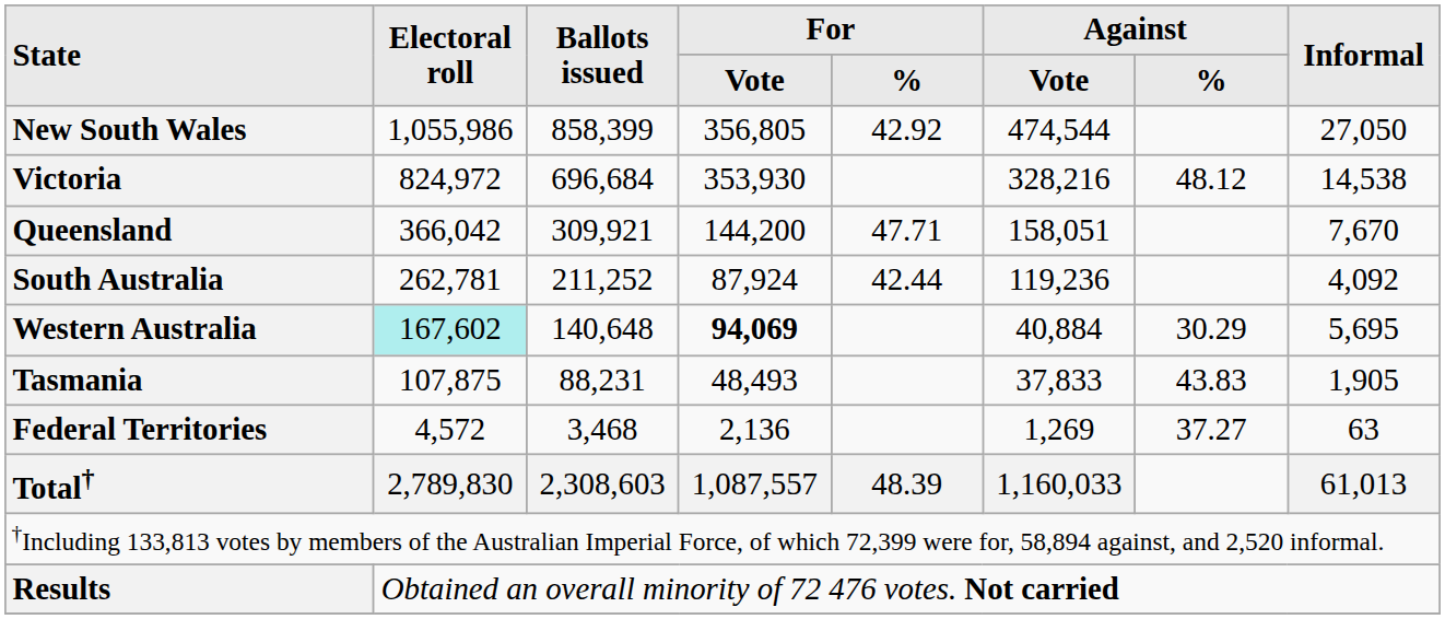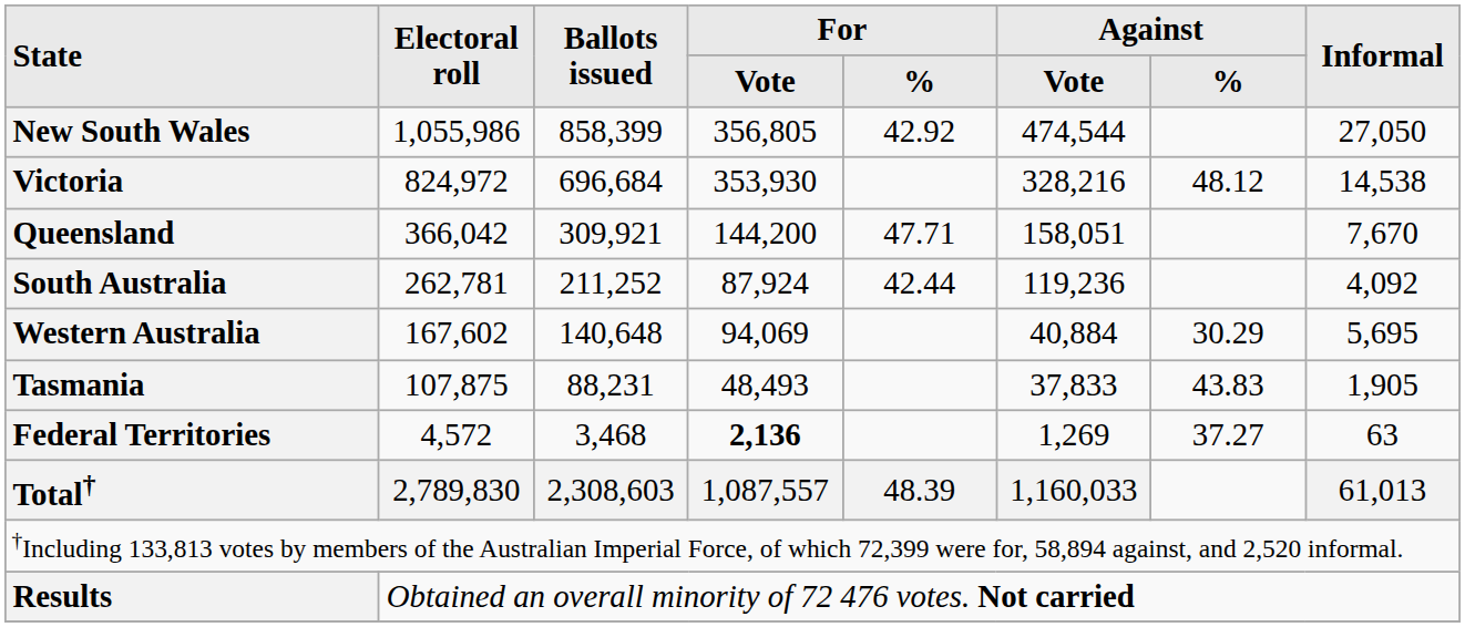 <table class="wikitable">
 <tr>
 <td style="background-color:#E9E9E9; width:180px" rowspan="2"><strong>State</strong></td>
 <td style="background-color:#E9E9E9; width:70px" align=center rowspan="2"><strong>Electoral roll</strong></td>
 <td style="background-color:#E9E9E9; width:70px" align=center rowspan="2"><strong>Ballots issued</strong></td>
 <td style="background-color:#E9E9E9; width:140px" align=center colspan="2"><strong>For</strong></td>
 <td style="background-color:#E9E9E9; width:140px" align=center colspan="2"><strong>Against</strong></td>
 <td style="background-color:#E9E9E9; width:70px" align=center rowspan="2"><strong>Informal</strong></td>
 </tr>
 <tr>
 <td style="background-color:#E9E9E9; width:70px" align=center><strong>Vote</strong></td>
 <td style="background-color:#E9E9E9; width:70px" align=center><strong>%</strong></td>
 <td style="background-color:#E9E9E9; width:70px" align=center><strong>Vote</strong></td>
 <td style="background-color:#E9E9E9; width:70px" align=center><strong>%</strong></td>
 </tr>
 <tr>
 <th style="text-align:left;">New South Wales</th>
 <td align=center>1,055,986</td>
 <td align=center>858,399</td>
 <td align=center>356,805</td>
 <td align=center>42.92</td>
 <td align=center>474,544</td>
 <td></td>
 <td align=center>27,050</td>
 </tr>
 <tr>
 <th style="text-align:left;">Victoria</th>
 <td align=center>824,972</td>
 <td align=center>696,684</td>
 <td align=center>353,930</td>
 <td></td>
 <td align=center>328,216</td>
 <td align=center>48.12</td>
 <td align=center>14,538</td>
 </tr>
 <tr>
 <th style="text-align:left;">Queensland</th>
 <td align=center>366,042</td>
 <td align=center>309,921</td>
 <td align=center>144,200</td>
 <td align=center>47.71</td>
 <td align=center>158,051</td>
 <td></td>
 <td align=center>7,670</td>
 </tr>
 <tr>
 <th style="text-align:left;">South Australia</th>
 <td align=center>262,781</td>
 <td align=center>211,252</td>
 <td align=center>87,924</td>
 <td align=center>42.44</td>
 <td align=center>119,236</td>
 <td></td>
 <td align=center>4,092</td>
 </tr>
 <tr>
 <th style="text-align:left;">Western Australia</th>
-<td align=center style="background: paleturquoise;">167,602</td>
+<td align=center>167,602</td>
 <td align=center>140,648</td>
-<td align=center><strong>94,069</strong></td>
+<td align=center>94,069</td>
 <td></td>
 <td align=center>40,884</td>
 <td align=center>30.29</td>
 <td align=center>5,695</td>
 </tr>
 <tr>
 <th style="text-align:left;">Tasmania</th>
 <td align=center>107,875</td>
 <td align=center>88,231</td>
 <td align=center>48,493</td>
 <td></td>
 <td align=center>37,833</td>
 <td align=center>43.83</td>
 <td align=center>1,905</td>
 </tr>
 <tr>
 <th style="text-align:left;">Federal Territories</th>
 <td align=center>4,572</td>
 <td align=center>3,468</td>
-<td align=center>2,136</td>
+<td align=center><strong>2,136</strong></td>
 <td></td>
 <td align=center>1,269</td>
 <td align=center>37.27</td>
 <td align=center>63</td>
 </tr>
 <tr>
 <th style="text-align: left;">Total<sup>†</sup></th>
 <td style="background-color: #f2f2f2" align=center>2,789,830</td>
 <td style="background-color: #f2f2f2" align=center>2,308,603</td>
 <td style="background-color: #f2f2f2" align=center>1,087,557</td>
 <td style="background-color: #f2f2f2" align=center>48.39</td>
 <td style="background-color: #f2f2f2" align=center>1,160,033</td>
 <td></td>
 <td style="background-color: #f2f2f2" align=center>61,013</td>
 </tr>
 <tr>
 <td style="text-align: left; border-right: none; font-size: small" colspan="8"><sup>†</sup>Including 133,813 votes by members of the Australian Imperial Force, of which 72,399 were for, 58,894 against, and 2,520 informal.</td>
 </tr>
 <tr>
 <th style="text-align:left;">Results</th>
 <td colSpan="8"><em>Obtained an overall minority of 72 476 votes.</em> <strong>Not carried</strong></td>
 </tr>
 <tr>
 </tr>
 </table>
